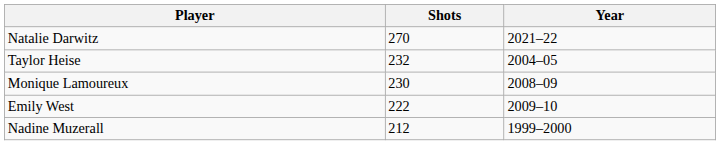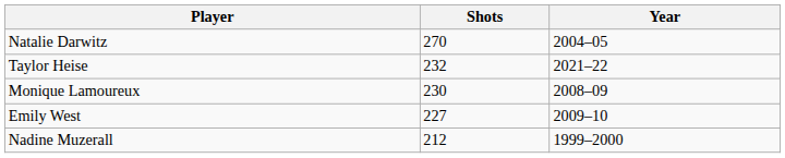 <table class="wikitable" style="width: 50em">
 <tr>
 <th>Player</th>
 <th>Shots</th>
 <th>Year</th>
 </tr>
 <tr>
 <td>Natalie Darwitz</td>
 <td>270</td>
-<td>2021–22</td>
+<td>2004–05</td>
 </tr>
 <tr>
 <td>Taylor Heise</td>
 <td>232</td>
-<td>2004–05</td>
+<td>2021–22</td>
 </tr>
 <tr>
 <td>Monique Lamoureux</td>
 <td>230</td>
 <td>2008–09</td>
 </tr>
 <tr>
 <td>Emily West</td>
-<td>222</td>
+<td>227</td>
 <td>2009–10</td>
 </tr>
 <tr>
 <td>Nadine Muzerall</td>
 <td>212</td>
 <td>1999–2000</td>
 </tr>
 </table>
